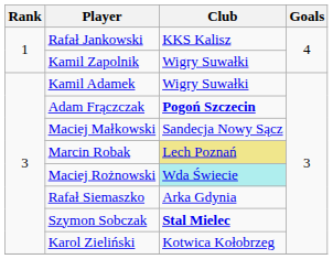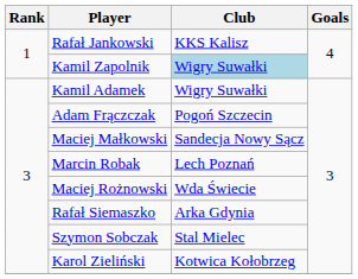 <table class="wikitable" style="text-align:center">
 <tr>
 <th>Rank</th>
 <th>Player</th>
 <th>Club</th>
 <th>Goals</th>
 </tr>
 <tr>
 <td rowspan="2">1</td>
 <td align="left"> <a href='#'>Rafał Jankowski</a></td>
 <td align="left"><a href='#'>KKS Kalisz</a></td>
 <td rowspan="2">4</td>
 </tr>
 <tr>
 <td align="left"> <a href='#'>Kamil Zapolnik</a></td>
-<td align="left"><a href='#'>Wigry Suwałki</a></td>
+<td align="left" style="background: lightblue;"><a href='#'>Wigry Suwałki</a></td>
 </tr>
 <tr>
 <td rowspan="8">3</td>
 <td align="left"> <a href='#'>Kamil Adamek</a></td>
 <td align="left"><a href='#'>Wigry Suwałki</a></td>
 <td rowspan="8">3</td>
 </tr>
 <tr>
 <td align="left"> <a href='#'>Adam Frączczak</a></td>
-<td align="left"><strong><a href='#'>Pogoń Szczecin</a></strong></td>
+<td align="left"><a href='#'>Pogoń Szczecin</a></td>
 </tr>
 <tr>
 <td align="left"> <a href='#'>Maciej Małkowski</a></td>
 <td align="left"><a href='#'>Sandecja Nowy Sącz</a></td>
 </tr>
 <tr>
 <td align="left"> <a href='#'>Marcin Robak</a></td>
-<td align="left" style="background: khaki;"><a href='#'>Lech Poznań</a></td>
+<td align="left"><a href='#'>Lech Poznań</a></td>
 </tr>
 <tr>
 <td align="left"> <a href='#'>Maciej Rożnowski</a></td>
-<td align="left" style="background: paleturquoise;"><a href='#'>Wda Świecie</a></td>
+<td align="left"><a href='#'>Wda Świecie</a></td>
 </tr>
 <tr>
 <td align="left"> <a href='#'>Rafał Siemaszko</a></td>
 <td align="left"><a href='#'>Arka Gdynia</a></td>
 </tr>
 <tr>
 <td align="left"> <a href='#'>Szymon Sobczak</a></td>
-<td align="left"><strong><a href='#'>Stal Mielec</a></strong></td>
+<td align="left"><a href='#'>Stal Mielec</a></td>
 </tr>
 <tr>
 <td align="left"> <a href='#'>Karol Zieliński</a></td>
 <td align="left"><a href='#'>Kotwica Kołobrzeg</a></td>
 </tr>
 <tr>
 </tr>
 </table>
